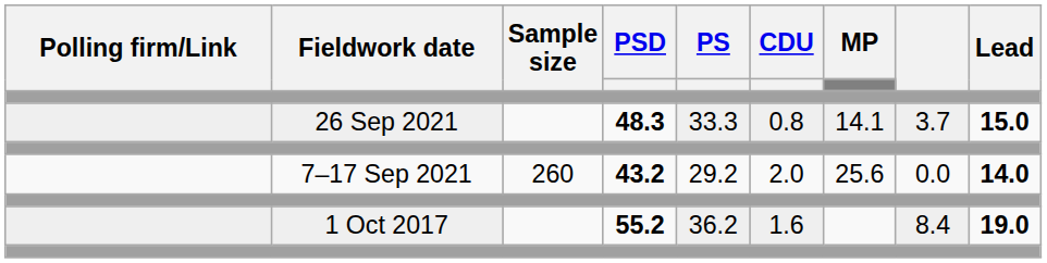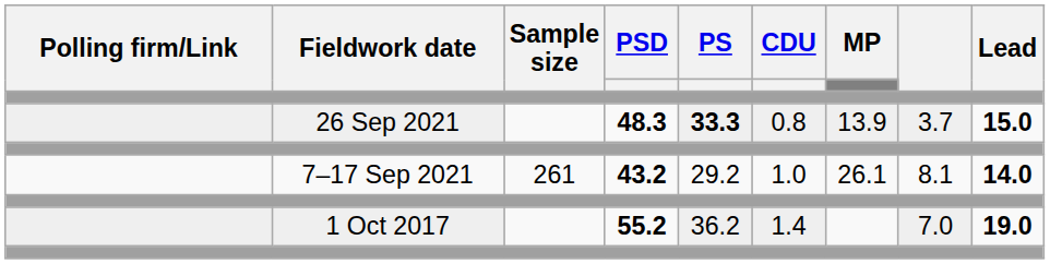 <table class="wikitable sortable mw-datatable" style="text-align:center;font-size:90%;line-height:16px;">
 <tr style="height:42px;">
 <th style="width:145px;" rowspan="2">Polling firm/Link</th>
 <th style="width:125px;" rowspan="2">Fieldwork date</th>
 <th class="unsortable" style="width:50px;" rowspan="2">Sample size</th>
 <th class="unsortable" style="width:35px;"><a href='#'>PSD</a></th>
 <th class="unsortable" style="width:35px;"><a href='#'>PS</a></th>
 <th class="unsortable" style="width:35px;"><a href='#'>CDU</a></th>
 <th class="unsortable" style="width:35px;">MP</th>
 <th class="unsortable" style="width:35px;" rowspan="2"></th>
 <th class="unsortable" style="width:30px;" rowspan="2">Lead</th>
 </tr>
 <tr>
 <th class="unsortable" style="color:inherit;background:"></th>
 <th class="unsortable" style="color:inherit;background:"></th>
 <th class="unsortable" style="color:inherit;background:"></th>
 <th class="unsortable" style="color:inherit;background:gray;"></th>
 </tr>
 <tr>
 <td colspan="12" style="background:#A0A0A0"></td>
 </tr>
 <tr>
 <td style="background:#EFEFEF;"><strong></strong></td>
 <td style="background:#EFEFEF;" data-sort-value="2019-10-06">26 Sep 2021</td>
 <td></td>
 <td><strong>48.3</strong><br></td>
-<td style="background:#EFEFEF;">33.3<br></td>
+<td style="background:#EFEFEF;"><strong>33.3<br></strong></td>
 <td style="background:#EFEFEF;">0.8<br></td>
-<td style="background:#EFEFEF;">14.1<br></td>
+<td style="background:#EFEFEF;">13.9<br></td>
 <td style="background:#EFEFEF;">3.7</td>
 <td style="background:"><strong>15.0</strong></td>
 </tr>
 <tr>
 <td colspan="12" style="background:#A0A0A0"></td>
 </tr>
 <tr>
 <td align="center"></td>
 <td align="center">7–17 Sep 2021</td>
-<td align="center">260</td>
+<td align="center">261</td>
 <td align="center" ><strong>43.2</strong></td>
 <td align="center">29.2</td>
-<td align="center">2.0</td>
-<td align="center">25.6</td>
-<td align="center">0.0</td>
+<td align="center">1.0</td>
+<td align="center">26.1</td>
+<td align="center">8.1</td>
 <td style="background:"><strong>14.0</strong></td>
 </tr>
 <tr>
 <td colspan="12" style="background:#A0A0A0"></td>
 </tr>
 <tr>
 <td style="background:#EFEFEF;"><strong></strong></td>
 <td style="background:#EFEFEF;" data-sort-value="2019-10-06">1 Oct 2017</td>
 <td></td>
 <td><strong>55.2</strong><br></td>
 <td style="background:#EFEFEF;">36.2<br></td>
-<td style="background:#EFEFEF;">1.6<br></td>
+<td style="background:#EFEFEF;">1.4<br></td>
 <td></td>
-<td style="background:#EFEFEF;">8.4</td>
+<td style="background:#EFEFEF;">7.0</td>
 <td style="background:"><strong>19.0</strong></td>
 </tr>
 <tr>
 <td colspan="12" style="background:#A0A0A0"></td>
 </tr>
 </table>
